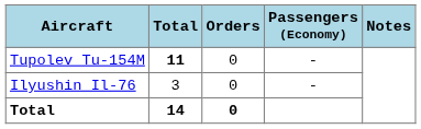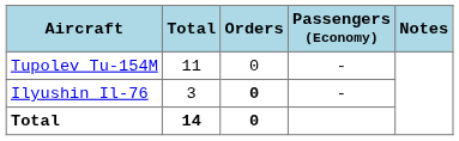 <table class="toccolours" border="1" cellpadding="3" style="margin:1em auto; border-collapse:collapse">
 <tr bgcolor=lightblue>
 <th>Aircraft</th>
 <th>Total</th>
 <th>Orders</th>
 <th>Passengers<br><small>(Economy)</small></th>
 <th>Notes</th>
 </tr>
 <tr>
 <td><a href='#'>Tupolev Tu-154M</a></td>
-<td align="center"><strong>11</strong></td>
+<td align="center">11</td>
 <td align="center">0</td>
 <td align="center">-</td>
 </tr>
 <tr>
 <td><a href='#'>Ilyushin Il-76</a></td>
 <td align="center">3</td>
-<td align="center">0</td>
+<td align="center"><strong>0</strong></td>
 <td align="center">-</td>
 </tr>
 <tr>
 <td><strong>Total</strong></td>
 <th>14</th>
 <th>0</th>
 <th></th>
 </tr>
 </table>
